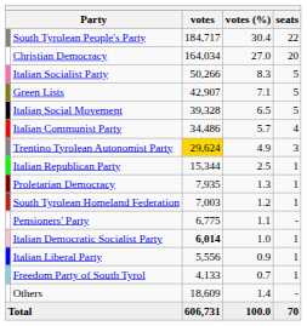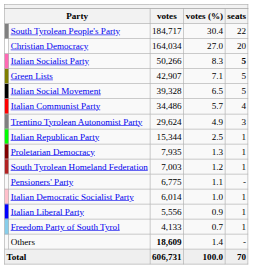 <table class="wikitable" style="font-size:95%; text-align:right;">
 <tr>
 <th colspan=5></th>
 </tr>
 <tr>
 </tr>
 <tr bgcolor="EFEFEF">
 <th colspan=2>Party</th>
 <th>votes</th>
 <th>votes (%)</th>
 <th>seats</th>
 </tr>
 <tr>
 <td bgcolor=Gray></td>
 <td align=left><a href='#'>South Tyrolean People's Party</a></td>
 <td>184,717</td>
 <td>30.4</td>
 <td>22</td>
 </tr>
 <tr>
 <td bgcolor=White></td>
 <td align=left><a href='#'>Christian Democracy</a></td>
 <td>164,034</td>
 <td>27.0</td>
 <td>20</td>
 </tr>
 <tr>
 <td bgcolor=Hotpink></td>
 <td align=left><a href='#'>Italian Socialist Party</a></td>
 <td>50,266</td>
 <td>8.3</td>
-<td>5</td>
+<td><strong>5</strong></td>
 </tr>
 <tr>
 <td bgcolor=Olive></td>
 <td align=left><a href='#'>Green Lists</a></td>
 <td>42,907</td>
 <td>7.1</td>
 <td>5</td>
 </tr>
 <tr>
 <td bgcolor=Black></td>
 <td align=left><a href='#'>Italian Social Movement</a></td>
 <td>39,328</td>
 <td>6.5</td>
 <td>5</td>
 </tr>
 <tr>
 <td bgcolor=Red></td>
 <td align=left><a href='#'>Italian Communist Party</a></td>
 <td>34,486</td>
 <td>5.7</td>
 <td>4</td>
 </tr>
 <tr>
 <td bgcolor=Gray></td>
 <td align=left><a href='#'>Trentino Tyrolean Autonomist Party</a></td>
-<td style="background: gold;">29,624</td>
+<td>29,624</td>
 <td>4.9</td>
 <td>3</td>
 </tr>
 <tr>
 <td bgcolor=Lime></td>
 <td align=left><a href='#'>Italian Republican Party</a></td>
 <td>15,344</td>
 <td>2.5</td>
 <td>1</td>
 </tr>
 <tr>
 <td bgcolor=Maroon></td>
 <td align=left><a href='#'>Proletarian Democracy</a></td>
 <td>7,935</td>
 <td>1.3</td>
 <td>1</td>
 </tr>
 <tr>
 <td bgcolor=Firebrick></td>
 <td align=left><a href='#'>South Tyrolean Homeland Federation</a></td>
 <td>7,003</td>
 <td>1.2</td>
 <td>1</td>
 </tr>
 <tr>
 <td bgcolor=></td>
 <td align=left><a href='#'>Pensioners' Party</a></td>
 <td>6,775</td>
 <td>1.1</td>
 <td>-</td>
 </tr>
 <tr>
 <td bgcolor=Pink></td>
 <td align=left><a href='#'>Italian Democratic Socialist Party</a></td>
-<td><strong>6,014</strong></td>
+<td>6,014</td>
 <td>1.0</td>
 <td>1</td>
 </tr>
 <tr>
 <td bgcolor=Blue></td>
 <td align=left><a href='#'>Italian Liberal Party</a></td>
 <td>5,556</td>
 <td>0.9</td>
 <td>1</td>
 </tr>
 <tr>
 <td bgcolor=Skyblue></td>
 <td align=left><a href='#'>Freedom Party of South Tyrol</a></td>
 <td>4,133</td>
 <td>0.7</td>
 <td>1</td>
 </tr>
 <tr>
 <td bgcolor=></td>
 <td align=left>Others</td>
-<td>18,609</td>
+<td><strong>18,609</strong></td>
 <td>1.4</td>
 <td>-</td>
 </tr>
 <tr bgcolor="EFEFEF">
 <td align=left colspan=2><strong>Total</strong></td>
 <td><strong>606,731</strong></td>
 <td><strong>100.0</strong></td>
 <td><strong>70</strong></td>
 </tr>
 </table>
